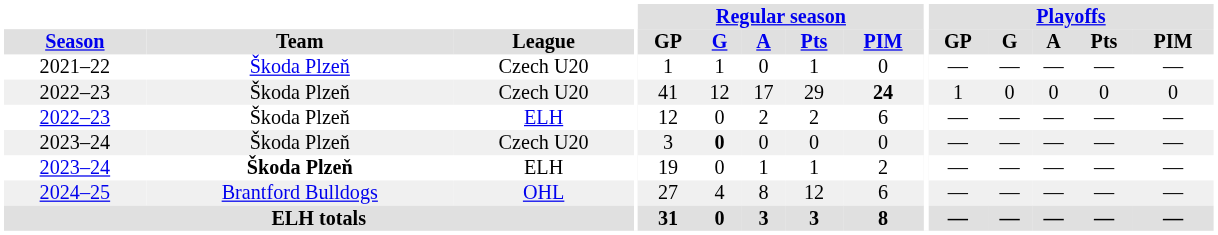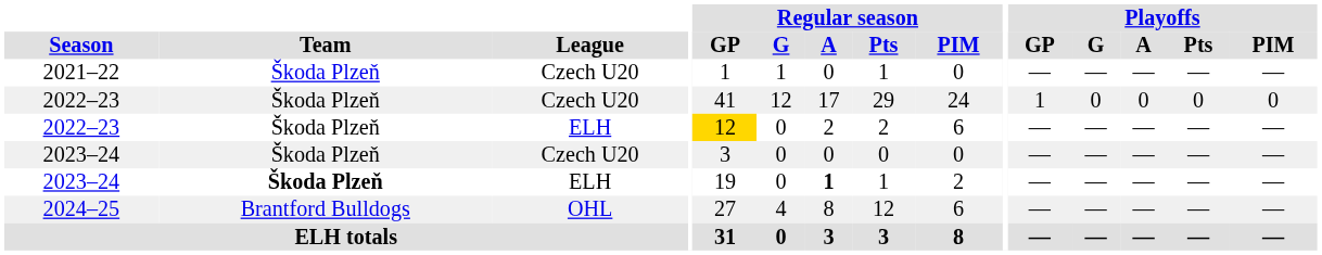 <table border="0" cellpadding="1" cellspacing="0" style="text-align:center; width:60em;">
 <tr bgcolor="#e0e0e0">
 <th colspan="3" bgcolor="#ffffff"></th>
 <th rowspan="94" bgcolor="#ffffff"></th>
 <th colspan="5"><a href='#'>Regular season</a></th>
 <th rowspan="94" bgcolor="#ffffff"></th>
 <th colspan="5"><a href='#'>Playoffs</a></th>
 </tr>
 <tr bgcolor="#e0e0e0">
 <th><a href='#'>Season</a></th>
 <th>Team</th>
 <th>League</th>
 <th>GP</th>
 <th><a href='#'>G</a></th>
 <th><a href='#'>A</a></th>
 <th><a href='#'>Pts</a></th>
 <th><a href='#'>PIM</a></th>
 <th>GP</th>
 <th>G</th>
 <th>A</th>
 <th>Pts</th>
 <th>PIM</th>
 </tr>
 <tr>
 <td>2021–22</td>
 <td><a href='#'>Škoda Plzeň</a></td>
 <td>Czech U20</td>
 <td>1</td>
 <td>1</td>
 <td>0</td>
 <td>1</td>
 <td>0</td>
 <td>—</td>
 <td>—</td>
 <td>—</td>
 <td>—</td>
 <td>—</td>
 </tr>
 <tr bgcolor="f0f0f0">
 <td>2022–23</td>
 <td>Škoda Plzeň</td>
 <td>Czech U20</td>
 <td>41</td>
 <td>12</td>
 <td>17</td>
 <td>29</td>
-<td><strong>24</strong></td>
+<td>24</td>
 <td>1</td>
 <td>0</td>
 <td>0</td>
 <td>0</td>
 <td>0</td>
 </tr>
 <tr>
 <td><a href='#'>2022–23</a></td>
 <td>Škoda Plzeň</td>
 <td><a href='#'>ELH</a></td>
-<td>12</td>
+<td style="background: gold;">12</td>
 <td>0</td>
 <td>2</td>
 <td>2</td>
 <td>6</td>
 <td>—</td>
 <td>—</td>
 <td>—</td>
 <td>—</td>
 <td>—</td>
 </tr>
 <tr bgcolor="f0f0f0">
 <td>2023–24</td>
 <td>Škoda Plzeň</td>
 <td>Czech U20</td>
 <td>3</td>
-<td><strong>0</strong></td>
+<td>0</td>
 <td>0</td>
 <td>0</td>
 <td>0</td>
 <td>—</td>
 <td>—</td>
 <td>—</td>
 <td>—</td>
 <td>—</td>
 </tr>
 <tr>
 <td><a href='#'>2023–24</a></td>
 <td><strong>Škoda Plzeň</strong></td>
 <td>ELH</td>
 <td>19</td>
 <td>0</td>
-<td>1</td>
+<td><strong>1</strong></td>
 <td>1</td>
 <td>2</td>
 <td>—</td>
 <td>—</td>
 <td>—</td>
 <td>—</td>
 <td>—</td>
 </tr>
 <tr bgcolor="f0f0f0">
 <td><a href='#'>2024–25</a></td>
 <td><a href='#'>Brantford Bulldogs</a></td>
 <td><a href='#'>OHL</a></td>
 <td>27</td>
 <td>4</td>
 <td>8</td>
 <td>12</td>
 <td>6</td>
 <td>—</td>
 <td>—</td>
 <td>—</td>
 <td>—</td>
 <td>—</td>
 </tr>
 <tr bgcolor="e0e0e0">
 <th colspan="3">ELH totals</th>
 <th>31</th>
 <th>0</th>
 <th>3</th>
 <th>3</th>
 <th>8</th>
 <th>—</th>
 <th>—</th>
 <th>—</th>
 <th>—</th>
 <th>—</th>
 </tr>
 </table>
